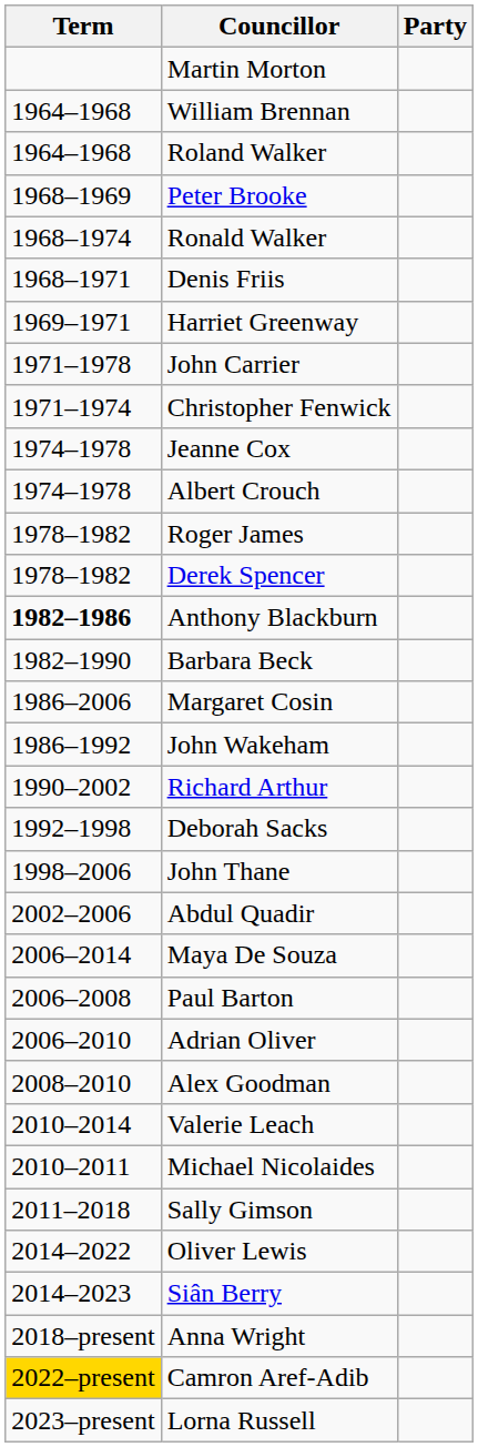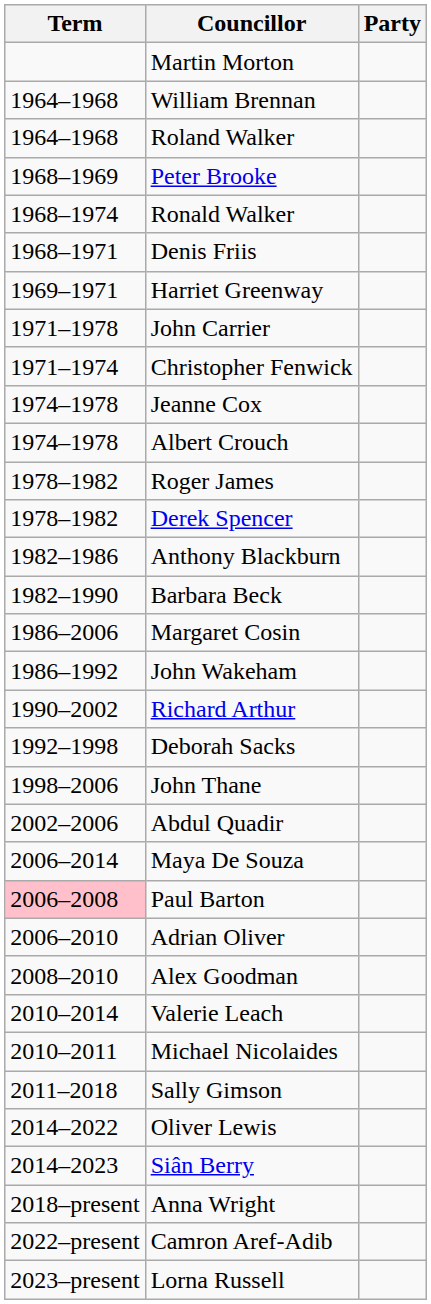 <table class="wikitable">
 <tr>
 <th>Term</th>
 <th>Councillor</th>
 <th colspan=2>Party</th>
 </tr>
 <tr>
 <td></td>
 <td>Martin Morton</td>
 <td></td>
 </tr>
 <tr>
 <td>1964–1968</td>
 <td>William Brennan</td>
 <td></td>
 </tr>
 <tr>
 <td>1964–1968</td>
 <td>Roland Walker</td>
 <td></td>
 </tr>
 <tr>
 <td>1968–1969</td>
 <td><a href='#'>Peter Brooke</a></td>
 <td></td>
 </tr>
 <tr>
 <td>1968–1974</td>
 <td>Ronald Walker</td>
 <td></td>
 </tr>
 <tr>
 <td>1968–1971</td>
 <td>Denis Friis</td>
 <td></td>
 </tr>
 <tr>
 <td>1969–1971</td>
 <td>Harriet Greenway</td>
 <td></td>
 </tr>
 <tr>
 <td>1971–1978</td>
 <td>John Carrier</td>
 <td></td>
 </tr>
 <tr>
 <td>1971–1974</td>
 <td>Christopher Fenwick</td>
 <td></td>
 </tr>
 <tr>
 <td>1974–1978</td>
 <td>Jeanne Cox</td>
 <td></td>
 </tr>
 <tr>
 <td>1974–1978</td>
 <td>Albert Crouch</td>
 <td></td>
 </tr>
 <tr>
 <td>1978–1982</td>
 <td>Roger James</td>
 <td></td>
 </tr>
 <tr>
 <td>1978–1982</td>
 <td><a href='#'>Derek Spencer</a></td>
 <td></td>
 </tr>
 <tr>
-<td><strong>1982–1986</strong></td>
+<td>1982–1986</td>
 <td>Anthony Blackburn</td>
 <td></td>
 </tr>
 <tr>
 <td>1982–1990</td>
 <td>Barbara Beck</td>
 <td></td>
 </tr>
 <tr>
 <td>1986–2006</td>
 <td>Margaret Cosin</td>
 <td></td>
 </tr>
 <tr>
 <td>1986–1992</td>
 <td>John Wakeham</td>
 <td></td>
 </tr>
 <tr>
 <td>1990–2002</td>
 <td><a href='#'>Richard Arthur</a></td>
 <td></td>
 </tr>
 <tr>
 <td>1992–1998</td>
 <td>Deborah Sacks</td>
 <td></td>
 </tr>
 <tr>
 <td>1998–2006</td>
 <td>John Thane</td>
 <td></td>
 </tr>
 <tr>
 <td>2002–2006</td>
 <td>Abdul Quadir</td>
 <td></td>
 </tr>
 <tr>
 <td>2006–2014</td>
 <td>Maya De Souza</td>
 <td></td>
 </tr>
 <tr>
-<td>2006–2008</td>
+<td style="background: pink;">2006–2008</td>
 <td>Paul Barton</td>
 <td></td>
 </tr>
 <tr>
 <td>2006–2010</td>
 <td>Adrian Oliver</td>
 <td></td>
 </tr>
 <tr>
 <td>2008–2010</td>
 <td>Alex Goodman</td>
 <td></td>
 </tr>
 <tr>
 <td>2010–2014</td>
 <td>Valerie Leach</td>
 <td></td>
 </tr>
 <tr>
 <td>2010–2011</td>
 <td>Michael Nicolaides</td>
 <td></td>
 </tr>
 <tr>
 <td>2011–2018</td>
 <td>Sally Gimson</td>
 <td></td>
 </tr>
 <tr>
 <td>2014–2022</td>
 <td>Oliver Lewis</td>
 <td></td>
 </tr>
 <tr>
 <td>2014–2023</td>
 <td><a href='#'>Siân Berry</a></td>
 <td></td>
 </tr>
 <tr>
 <td>2018–present</td>
 <td>Anna Wright</td>
 <td></td>
 </tr>
 <tr>
-<td style="background: gold;">2022–present</td>
+<td>2022–present</td>
 <td>Camron Aref-Adib</td>
 <td></td>
 </tr>
 <tr>
 <td>2023–present</td>
 <td>Lorna Russell</td>
 <td></td>
 </tr>
 </table>
